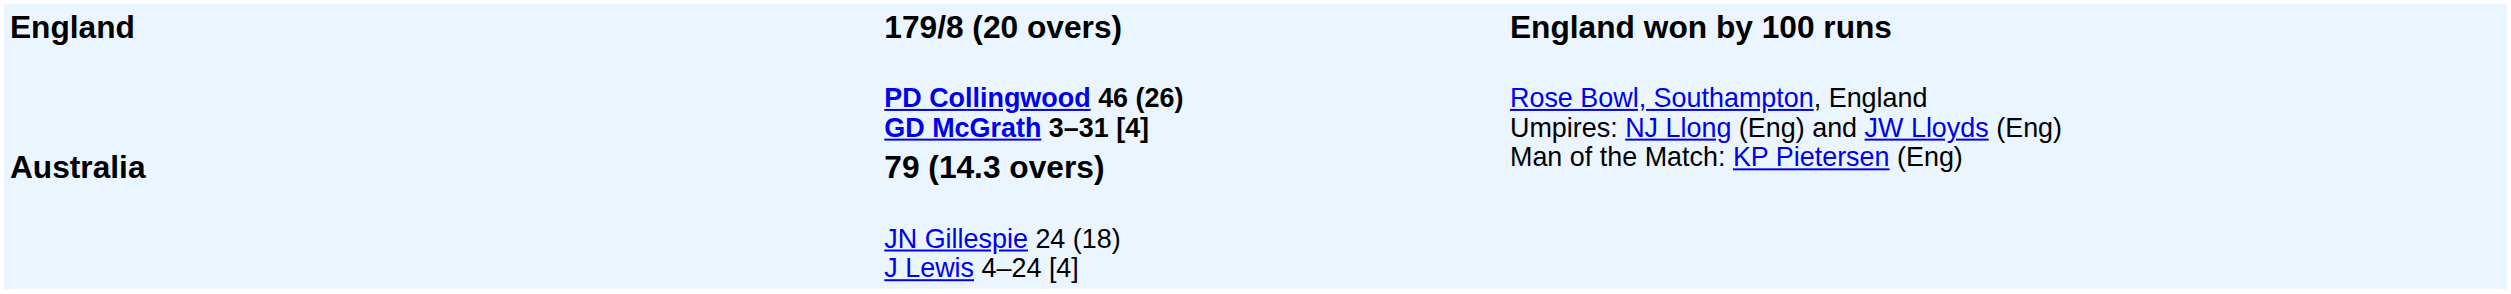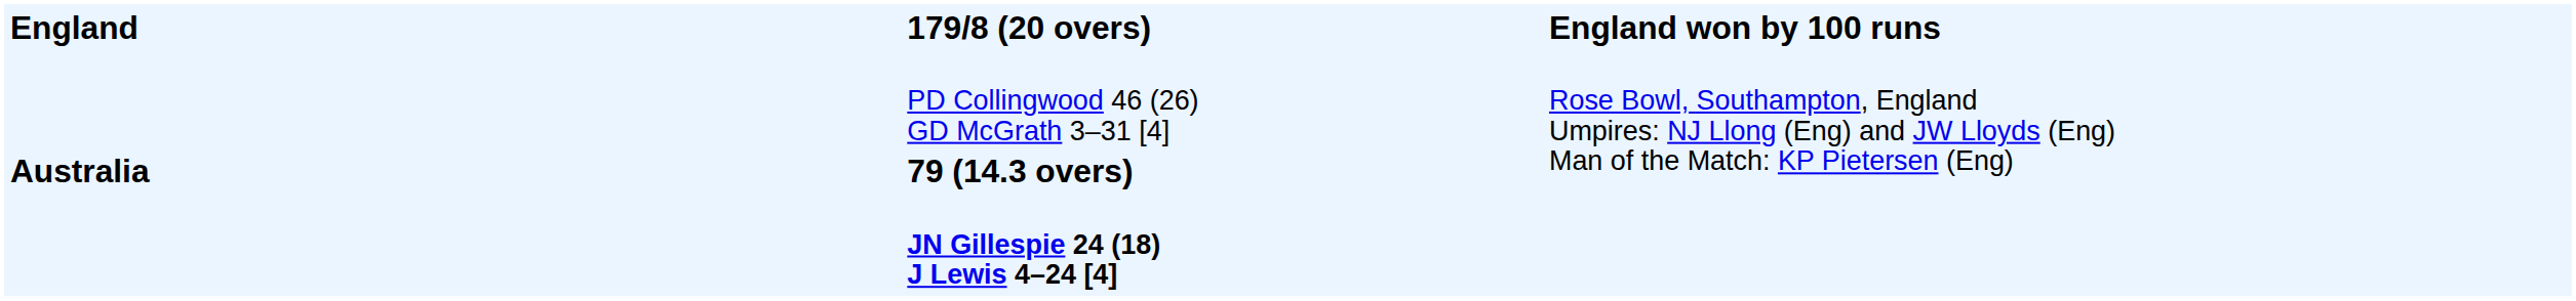 <table style="width:100%; background:#ebf5ff;">
 <tr>
 <td style="width:35%; vertical-align:top;" rowspan="2"> <strong>England</strong></td>
 <td style="width:25%;"><strong>179/8 (20 overs)</strong></td>
 <td style="width:40%;"><strong>England won by 100 runs</strong></td>
 </tr>
 <tr>
-<td style="font-size: 85%;"><strong><br><a href='#'>PD Collingwood</a> 46 (26)<br> <a href='#'>GD McGrath</a> 3–31 [4]</strong></td>
+<td style="font-size: 85%;"><br><a href='#'>PD Collingwood</a> 46 (26)<br> <a href='#'>GD McGrath</a> 3–31 [4]</td>
 <td style="vertical-align:top; font-size:85%;" rowspan="3"><br><a href='#'>Rose Bowl, Southampton</a>, England<br> Umpires: <a href='#'>NJ Llong</a> (Eng) and <a href='#'>JW Lloyds</a> (Eng)<br> Man of the Match: <a href='#'>KP Pietersen</a> (Eng)</td>
 </tr>
 <tr>
 <td style="vertical-align:top;" rowspan="2"> <strong>Australia</strong></td>
 <td><strong>79 (14.3 overs)</strong></td>
 </tr>
 <tr>
-<td style="font-size: 85%;"><br><a href='#'>JN Gillespie</a> 24 (18)<br> <a href='#'>J Lewis</a> 4–24 [4]</td>
+<td style="font-size: 85%;"><strong><br><a href='#'>JN Gillespie</a> 24 (18)<br> <a href='#'>J Lewis</a> 4–24 [4]</strong></td>
 </tr>
 </table>
